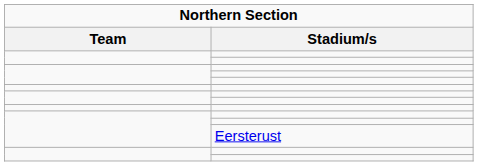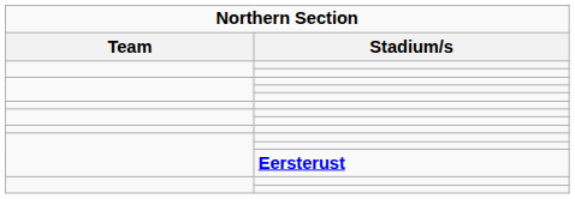 <table class="wikitable">
 <tr>
 <td colspan=3 align=center><strong>Northern Section</strong></td>
 </tr>
 <tr>
 <th width="220">Team</th>
 <th width="280">Stadium/s</th>
 </tr>
 <tr>
 <td rowspan=2></td>
 <td></td>
 </tr>
 <tr>
 <td></td>
 </tr>
 <tr>
 <td rowspan=3></td>
 <td></td>
 </tr>
 <tr>
 <td></td>
 </tr>
 <tr>
 <td></td>
 </tr>
 <tr>
 <td></td>
 <td></td>
 </tr>
 <tr>
 <td rowspan=2></td>
 <td></td>
 </tr>
 <tr>
 <td></td>
 </tr>
 <tr>
 <td></td>
 <td></td>
 </tr>
 <tr>
 <td rowspan=3></td>
 <td></td>
 </tr>
 <tr>
 <td></td>
 </tr>
 <tr>
-<td><a href='#'>Eersterust</a></td>
+<td><strong><a href='#'>Eersterust</a></strong></td>
 </tr>
 <tr>
 <td rowspan=2></td>
 <td></td>
 </tr>
 <tr>
 <td></td>
 </tr>
 </table>
